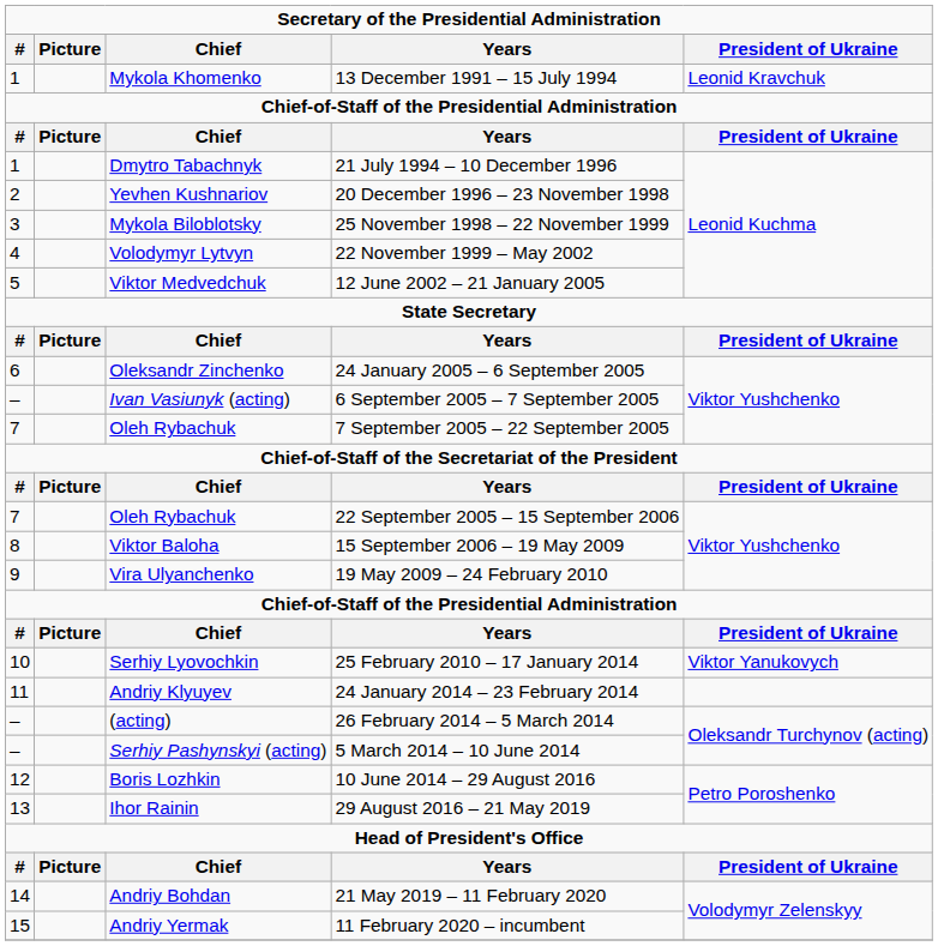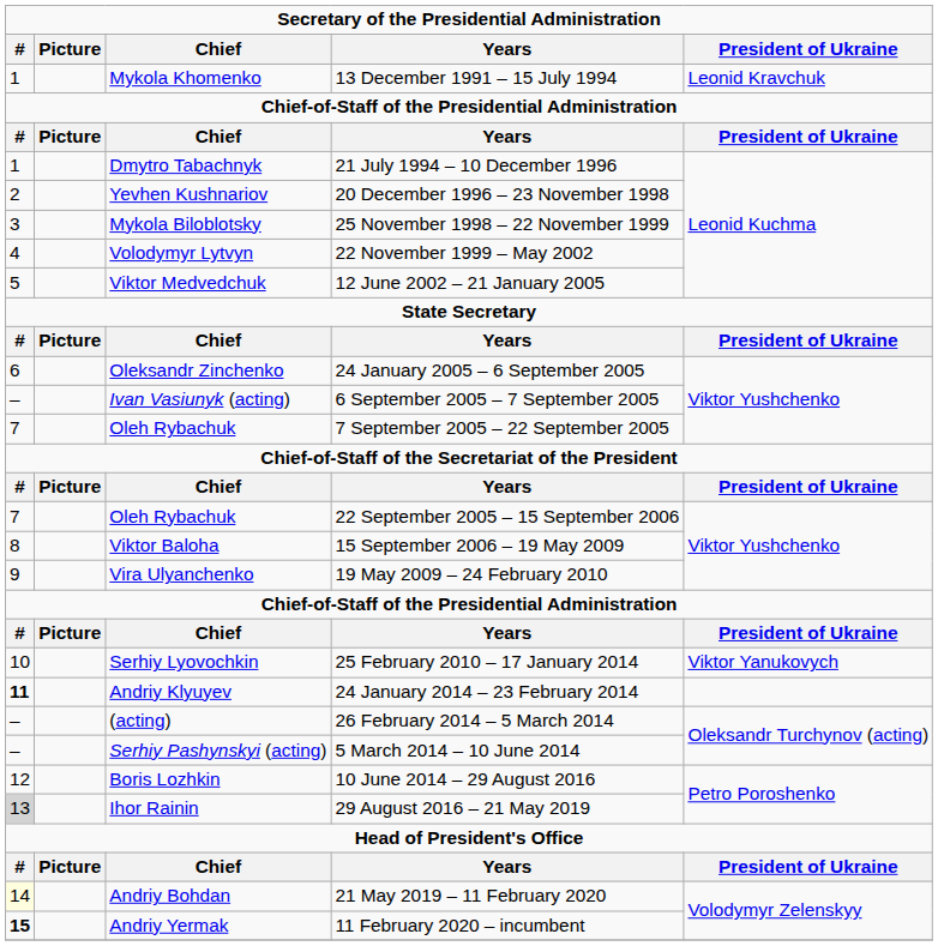 <table class="wikitable">
 <tr>
 <td style="text-align:center;" colspan="5"><strong>Secretary of the Presidential Administration</strong></td>
 </tr>
 <tr>
 <th>#</th>
 <th>Picture</th>
 <th>Chief</th>
 <th>Years</th>
 <th><a href='#'>President of Ukraine</a></th>
 </tr>
 <tr>
 <td>1</td>
 <td></td>
 <td><a href='#'>Mykola Khomenko</a></td>
 <td>13 December 1991 – 15 July 1994</td>
 <td><a href='#'>Leonid Kravchuk</a></td>
 </tr>
 <tr>
 <td style="text-align:center;" colspan="5"><strong>Chief-of-Staff of the Presidential Administration</strong></td>
 </tr>
 <tr>
 <th>#</th>
 <th>Picture</th>
 <th>Chief</th>
 <th>Years</th>
 <th><a href='#'>President of Ukraine</a></th>
 </tr>
 <tr>
 <td>1</td>
 <td></td>
 <td><a href='#'>Dmytro Tabachnyk</a></td>
 <td>21 July 1994 – 10 December 1996</td>
 <td rowspan="5"><a href='#'>Leonid Kuchma</a></td>
 </tr>
 <tr>
 <td>2</td>
 <td></td>
 <td><a href='#'>Yevhen Kushnariov</a></td>
 <td>20 December 1996 – 23 November 1998</td>
 </tr>
 <tr>
 <td>3</td>
 <td></td>
 <td><a href='#'>Mykola Biloblotsky</a></td>
 <td>25 November 1998 – 22 November 1999</td>
 </tr>
 <tr>
 <td>4</td>
 <td></td>
 <td><a href='#'>Volodymyr Lytvyn</a></td>
 <td>22 November 1999 – May 2002</td>
 </tr>
 <tr>
 <td>5</td>
 <td></td>
 <td><a href='#'>Viktor Medvedchuk</a></td>
 <td>12 June 2002 – 21 January 2005</td>
 </tr>
 <tr>
 <td style="text-align:center;" colspan="5"><strong>State Secretary</strong></td>
 </tr>
 <tr>
 <th>#</th>
 <th>Picture</th>
 <th>Chief</th>
 <th>Years</th>
 <th><a href='#'>President of Ukraine</a></th>
 </tr>
 <tr>
 <td>6</td>
 <td></td>
 <td><a href='#'>Oleksandr Zinchenko</a></td>
 <td>24 January 2005 – 6 September 2005</td>
 <td rowspan="3"><a href='#'>Viktor Yushchenko</a></td>
 </tr>
 <tr>
 <td>–</td>
 <td></td>
 <td><em><a href='#'>Ivan Vasiunyk</a></em> (<a href='#'>acting</a>)</td>
 <td>6 September 2005 – 7 September 2005</td>
 </tr>
 <tr>
 <td>7</td>
 <td></td>
 <td><a href='#'>Oleh Rybachuk</a></td>
 <td>7 September 2005 – 22 September 2005</td>
 </tr>
 <tr>
 <td style="text-align:center;" colspan="5"><strong>Chief-of-Staff of the Secretariat of the President</strong></td>
 </tr>
 <tr>
 <th>#</th>
 <th>Picture</th>
 <th>Chief</th>
 <th>Years</th>
 <th><a href='#'>President of Ukraine</a></th>
 </tr>
 <tr>
 <td>7</td>
 <td></td>
 <td><a href='#'>Oleh Rybachuk</a></td>
 <td>22 September 2005 – 15 September 2006</td>
 <td rowspan="3"><a href='#'>Viktor Yushchenko</a></td>
 </tr>
 <tr>
 <td>8</td>
 <td></td>
 <td><a href='#'>Viktor Baloha</a></td>
 <td>15 September 2006 – 19 May 2009</td>
 </tr>
 <tr>
 <td>9</td>
 <td></td>
 <td><a href='#'>Vira Ulyanchenko</a></td>
 <td>19 May 2009 – 24 February 2010</td>
 </tr>
 <tr>
 <td style="text-align:center;" colspan="5"><strong>Chief-of-Staff of the Presidential Administration</strong></td>
 </tr>
 <tr>
 <th>#</th>
 <th>Picture</th>
 <th>Chief</th>
 <th>Years</th>
 <th><a href='#'>President of Ukraine</a></th>
 </tr>
 <tr>
 <td>10</td>
 <td></td>
 <td><a href='#'>Serhiy Lyovochkin</a></td>
 <td>25 February 2010 – 17 January 2014</td>
 <td rowspan="1"><a href='#'>Viktor Yanukovych</a></td>
 </tr>
 <tr>
-<td>11</td>
+<td><strong>11</strong></td>
 <td></td>
 <td><a href='#'>Andriy Klyuyev</a></td>
 <td>24 January 2014 – 23 February 2014</td>
 <td></td>
 </tr>
 <tr>
 <td>–</td>
 <td></td>
 <td><em></em> (<a href='#'>acting</a>)</td>
 <td>26 February 2014 – 5 March 2014</td>
 <td rowspan="2"><a href='#'>Oleksandr Turchynov</a> (<a href='#'>acting</a>)</td>
 </tr>
 <tr>
 <td>–</td>
 <td></td>
 <td><em><a href='#'>Serhiy Pashynskyi</a></em> (<a href='#'>acting</a>)</td>
 <td>5 March 2014 – 10 June 2014</td>
 </tr>
 <tr>
 <td>12</td>
 <td></td>
 <td><a href='#'>Boris Lozhkin</a></td>
 <td>10 June 2014 – 29 August 2016</td>
 <td rowspan="2"><a href='#'>Petro Poroshenko</a></td>
 </tr>
 <tr>
-<td>13</td>
+<td style="background: lightgrey;">13</td>
 <td></td>
 <td><a href='#'>Ihor Rainin</a></td>
 <td>29 August 2016 – 21 May 2019</td>
 </tr>
 <tr>
 <td style="text-align:center;" colspan="5"><strong>Head of President's Office</strong></td>
 </tr>
 <tr>
 <th>#</th>
 <th>Picture</th>
 <th>Chief</th>
 <th>Years</th>
 <th><a href='#'>President of Ukraine</a></th>
 </tr>
 <tr>
-<td>14</td>
+<td style="background: lightyellow;">14</td>
 <td></td>
 <td><a href='#'>Andriy Bohdan</a></td>
 <td>21 May 2019 – 11 February 2020</td>
 <td rowspan="2"><a href='#'>Volodymyr Zelenskyy</a></td>
 </tr>
 <tr>
-<td>15</td>
+<td><strong>15</strong></td>
 <td></td>
 <td><a href='#'>Andriy Yermak</a></td>
 <td>11 February 2020 – incumbent</td>
 </tr>
 <tr>
 </tr>
 </table>
